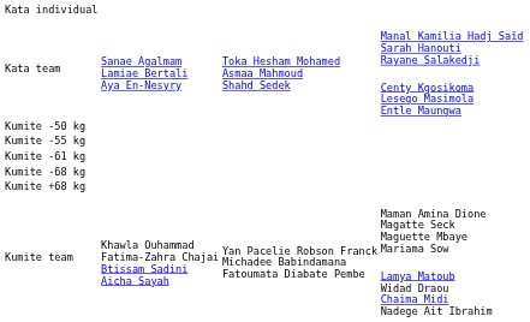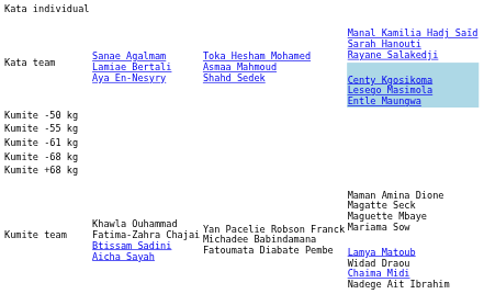 <table>
 <tr>
 <td rowspan=2>Kata individual</td>
 <td rowspan=2></td>
 <td rowspan=2></td>
 <td></td>
 </tr>
 <tr>
 <td></td>
 </tr>
 <tr>
 <td rowspan=2>Kata team</td>
 <td rowspan=2><br><a href='#'>Sanae Agalmam</a><br><a href='#'>Lamiae Bertali</a><br><a href='#'>Aya En-Nesyry</a></td>
 <td rowspan=2><br><a href='#'>Toka Hesham Mohamed</a><br><a href='#'>Asmaa Mahmoud</a><br><a href='#'>Shahd Sedek</a></td>
 <td><br><a href='#'>Manal Kamilia Hadj Saïd</a><br><a href='#'>Sarah Hanouti</a><br><a href='#'>Rayane Salakedji</a></td>
 </tr>
 <tr>
-<td><br><a href='#'>Centy Kgosikoma</a><br><a href='#'>Lesego Masimola</a><br><a href='#'>Entle Maungwa</a></td>
+<td style="background: lightblue;"><br><a href='#'>Centy Kgosikoma</a><br><a href='#'>Lesego Masimola</a><br><a href='#'>Entle Maungwa</a></td>
 </tr>
 <tr>
 <td rowspan=2>Kumite -50 kg</td>
 <td rowspan=2></td>
 <td rowspan=2></td>
 <td></td>
 </tr>
 <tr>
 <td></td>
 </tr>
 <tr>
 <td rowspan=2>Kumite -55 kg</td>
 <td rowspan=2></td>
 <td rowspan=2></td>
 <td></td>
 </tr>
 <tr>
 <td></td>
 </tr>
 <tr>
 <td rowspan=2>Kumite -61 kg</td>
 <td rowspan=2></td>
 <td rowspan=2></td>
 <td></td>
 </tr>
 <tr>
 <td></td>
 </tr>
 <tr>
 <td rowspan=2>Kumite -68 kg</td>
 <td rowspan=2></td>
 <td rowspan=2></td>
 <td></td>
 </tr>
 <tr>
 <td></td>
 </tr>
 <tr>
 <td rowspan=2>Kumite +68 kg</td>
 <td rowspan=2></td>
 <td rowspan=2></td>
 <td></td>
 </tr>
 <tr>
 <td></td>
 </tr>
 <tr>
 <td rowspan=2>Kumite team</td>
 <td rowspan=2><br>Khawla Ouhammad<br>Fatima-Zahra Chajai<br><a href='#'>Btissam Sadini</a><br><a href='#'>Aicha Sayah</a></td>
 <td rowspan=2><br>Yan Pacelie Robson Franck<br>Michadee Babindamana<br>Fatoumata Diabate Pembe</td>
 <td><br>Maman Amina Dione<br>Magatte Seck<br>Maguette Mbaye<br>Mariama Sow</td>
 </tr>
 <tr>
 <td><br><a href='#'>Lamya Matoub</a><br>Widad Draou<br><a href='#'>Chaima Midi</a><br>Nadege Ait Ibrahim</td>
 </tr>
 </table>
